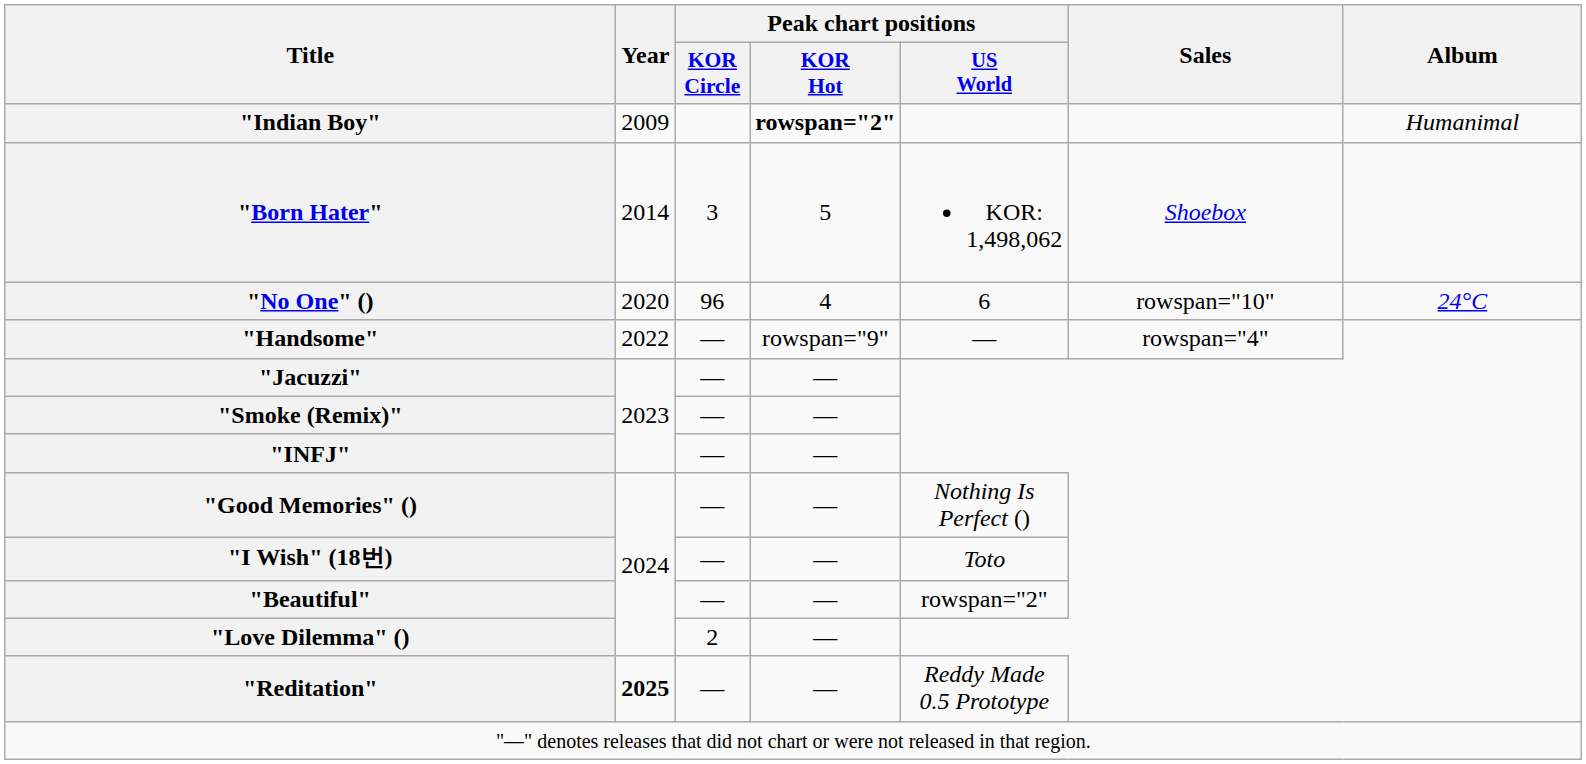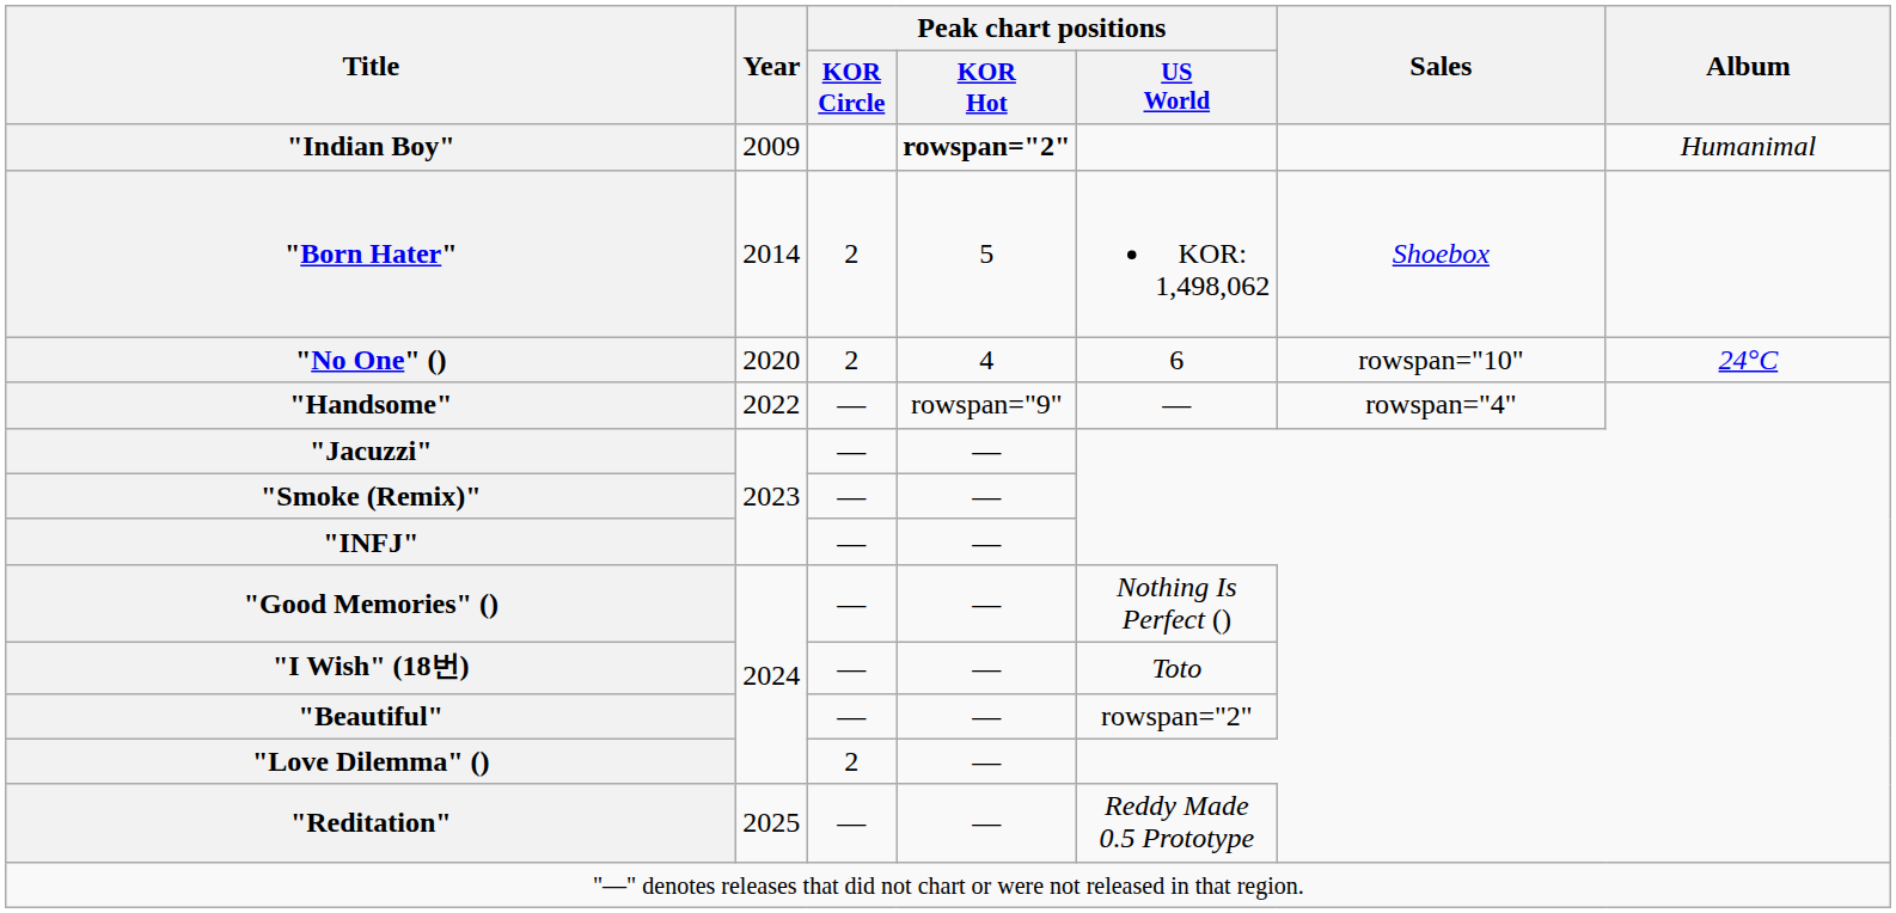 <table class="wikitable plainrowheaders" style="text-align:center;">
 <tr>
 <th scope="col" rowspan="2" style="width:25em;">Title</th>
 <th scope="col" rowspan="2" style="width:2em;">Year</th>
 <th scope="col" colspan="3">Peak chart positions</th>
 <th scope="col" rowspan="2" style="width:11em;">Sales</th>
 <th scope="col" rowspan="2" style="width:9.5em;">Album</th>
 </tr>
 <tr>
 <th scope="col" style="width:3em;font-size:90%"><a href='#'>KOR<br>Circle</a><br></th>
 <th scope="col" style="width:3em;font-size:90%"><a href='#'>KOR<br>Hot</a><br></th>
 <th scope="col" style="font-size:85%;width:3em;"><a href='#'>US<br>World</a><br></th>
 </tr>
 <tr>
 <th scope="row">"Indian Boy" <br></th>
 <td>2009</td>
 <td></td>
 <td><strong>rowspan="2" </strong></td>
 <td></td>
 <td></td>
 <td><em>Humanimal</em></td>
 </tr>
 <tr>
 <th scope="row">"<a href='#'>Born Hater</a>" <br></th>
 <td>2014</td>
-<td>3</td>
+<td>2</td>
 <td>5</td>
 <td><br><ul><li>KOR: 1,498,062</li></ul></td>
 <td><em><a href='#'>Shoebox</a></em></td>
 </tr>
 <tr>
 <th scope="row">"<a href='#'>No One</a>" () <br></th>
 <td>2020</td>
-<td>96</td>
+<td>2</td>
 <td>4</td>
 <td>6</td>
 <td>rowspan="10" </td>
 <td><em><a href='#'>24°C</a></em></td>
 </tr>
 <tr>
 <th scope="row">"Handsome" <br></th>
 <td>2022</td>
 <td>—</td>
 <td>rowspan="9" </td>
 <td>—</td>
 <td>rowspan="4" </td>
 </tr>
 <tr>
 <th scope="row">"Jacuzzi" <br></th>
 <td rowspan="3">2023</td>
 <td>—</td>
 <td>—</td>
 </tr>
 <tr>
 <th scope="row">"Smoke (Remix)" <br></th>
 <td>—</td>
 <td>—</td>
 </tr>
 <tr>
 <th scope="row">"INFJ" <br></th>
 <td>—</td>
 <td>—</td>
 </tr>
 <tr>
 <th scope="row">"Good Memories" () <br></th>
 <td rowspan="4">2024</td>
 <td>—</td>
 <td>—</td>
 <td><em>Nothing Is Perfect</em> ()</td>
 </tr>
 <tr>
 <th scope="row">"I Wish" (18번) <br></th>
 <td>—</td>
 <td>—</td>
 <td><em>Toto</em></td>
 </tr>
 <tr>
 <th scope="row">"Beautiful" <br></th>
 <td>—</td>
 <td>—</td>
 <td>rowspan="2" </td>
 </tr>
 <tr>
 <th scope="row">"Love Dilemma" () <br></th>
 <td>2</td>
 <td>—</td>
 </tr>
 <tr>
 <th scope="row">"Reditation"<br></th>
-<td><strong>2025</strong></td>
+<td>2025</td>
 <td>—</td>
 <td>—</td>
 <td><em>Reddy Made 0.5 Prototype</em></td>
 </tr>
 <tr>
 <td colspan="7"><small>"—" denotes releases that did not chart or were not released in that region.</small></td>
 </tr>
 </table>
